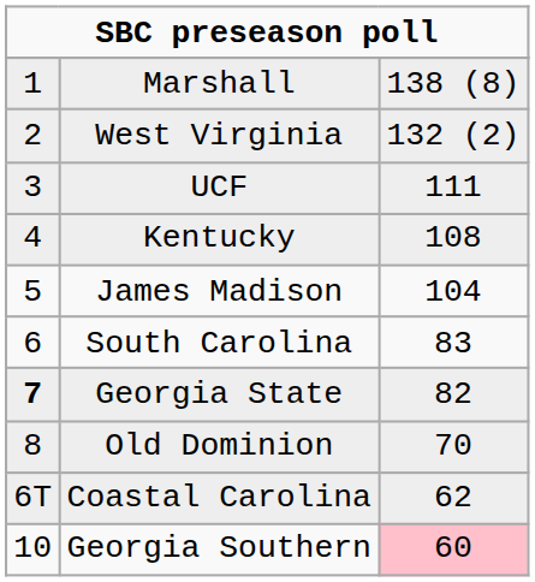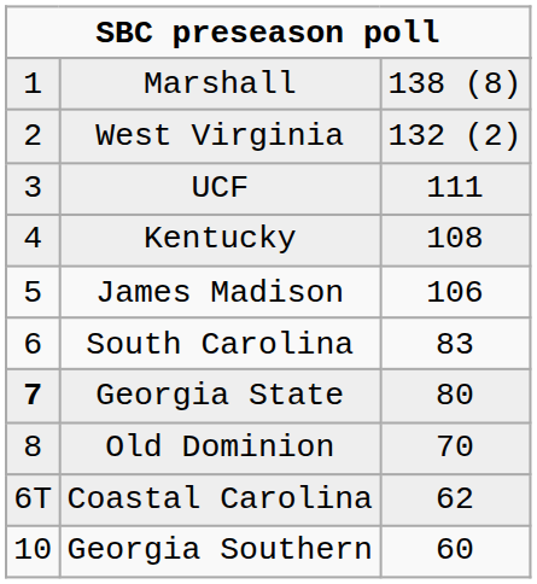 <table class="wikitable" style="display: inline-table;">
 <tr>
 <td align="center" Colspan="3"><strong>SBC preseason poll</strong></td>
 </tr>
 <tr align="center">
 </tr>
 <tr align="center" style="background:#eeeeee;">
 <td>1</td>
 <td>Marshall</td>
 <td>138 (8)</td>
 </tr>
 <tr align="center" style="background:#eeeeee;">
 <td>2</td>
 <td>West Virginia</td>
 <td>132 (2)</td>
 </tr>
 <tr align="center" style="background:#eeeeee;">
 <td>3</td>
 <td>UCF</td>
 <td>111</td>
 </tr>
 <tr align="center" style="background:#eeeeee;">
 <td>4</td>
 <td>Kentucky</td>
 <td>108</td>
 </tr>
 <tr align="center">
 <td>5</td>
 <td>James Madison</td>
-<td>104</td>
+<td>106</td>
 </tr>
 <tr align="center">
 <td>6</td>
 <td>South Carolina</td>
 <td>83</td>
 </tr>
 <tr align="center" style="background:#eeeeee;">
 <td><strong>7</strong></td>
 <td>Georgia State</td>
-<td>82</td>
+<td>80</td>
 </tr>
 <tr align="center" style="background:#eeeeee;">
 <td>8</td>
 <td>Old Dominion</td>
 <td>70</td>
 </tr>
 <tr align="center" style="background:#eeeeee;">
 <td>6T</td>
 <td>Coastal Carolina</td>
 <td>62</td>
 </tr>
 <tr align="center">
 <td>10</td>
 <td>Georgia Southern</td>
-<td style="background: pink;">60</td>
+<td>60</td>
 </tr>
 </table>
